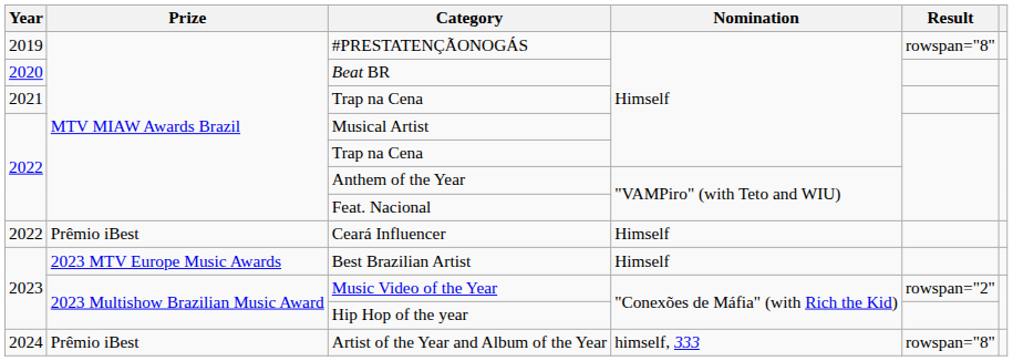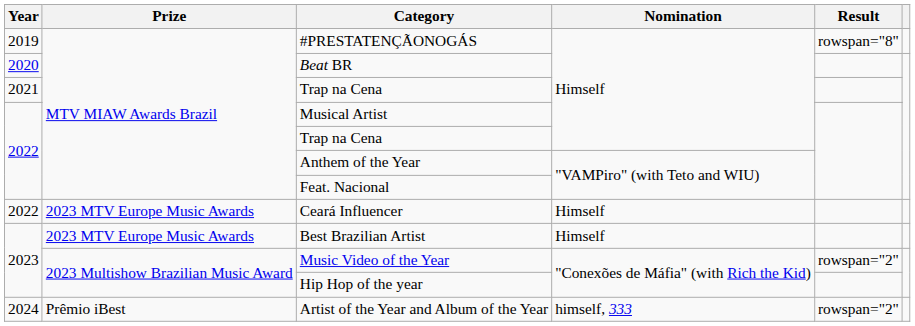 <table class="wikitable sortable plainrowheaders">
 <tr>
 <th>Year</th>
 <th>Prize</th>
 <th>Category</th>
 <th>Nomination</th>
 <th>Result</th>
 <th class="unsortable"></th>
 </tr>
 <tr>
 <td>2019</td>
 <td rowspan="8"><a href='#'>MTV MIAW Awards Brazil</a></td>
 <td>#PRESTATENÇÃONOGÁS</td>
 <td rowspan="6">Himself</td>
 <td>rowspan="8" </td>
 <td style="text-align:center;"></td>
 </tr>
 <tr>
 <td><a href='#'>2020</a></td>
 <td><em>Beat</em> BR</td>
 <td style="text-align:center;"></td>
 </tr>
 <tr>
 <td>2021</td>
 <td rowspan="2">Trap na Cena</td>
 <td style="text-align:center;"></td>
 </tr>
 <tr>
 <td rowspan="5"><a href='#'>2022</a></td>
 <td style="text-align:center;" rowspan="5"></td>
 </tr>
 <tr>
 <td>Musical Artist</td>
 </tr>
 <tr>
 <td>Trap na Cena</td>
 </tr>
 <tr>
 <td>Anthem of the Year</td>
 <td rowspan="2">"VAMPiro" (with Teto and WIU)</td>
 </tr>
 <tr>
 <td>Feat. Nacional</td>
 </tr>
 <tr>
 <td>2022</td>
-<td>Prêmio iBest</td>
+<td><a href='#'>2023 MTV Europe Music Awards</a></td>
 <td>Ceará Influencer</td>
 <td>Himself</td>
 <td></td>
 <td></td>
 </tr>
 <tr>
 <td rowspan="3">2023</td>
 <td><a href='#'>2023 MTV Europe Music Awards</a></td>
 <td>Best Brazilian Artist</td>
 <td>Himself</td>
 <td></td>
 <td></td>
 </tr>
 <tr>
 <td rowspan="2"><a href='#'>2023 Multishow Brazilian Music Award</a></td>
 <td><a href='#'>Music Video of the Year</a></td>
 <td rowspan="2">"Conexões de Máfia" (with <a href='#'>Rich the Kid</a>)</td>
 <td>rowspan="2" </td>
 <td rowspan="2"></td>
 </tr>
 <tr>
 <td>Hip Hop of the year</td>
 </tr>
 <tr>
 <td>2024</td>
 <td>Prêmio iBest</td>
 <td>Artist of the Year and Album of the Year</td>
 <td>himself, <em><a href='#'>333</a></em></td>
-<td>rowspan="8" </td>
+<td>rowspan="2" </td>
 <td rowspan="2"></td>
 </tr>
 </table>
